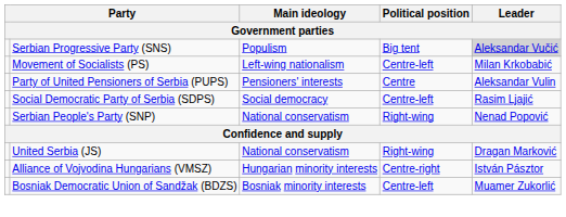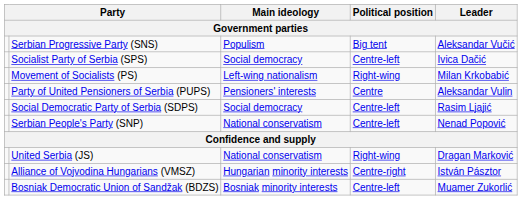 <table class="wikitable" style="font-size:95%">
 <tr>
 <th colspan="2">Party</th>
 <th>Main ideology</th>
 <th>Political position</th>
 <th>Leader</th>
 </tr>
 <tr>
 <th colspan="5">Government parties</th>
 </tr>
 <tr>
 <td style="background:"></td>
 <td><a href='#'>Serbian Progressive Party</a> (SNS)</td>
 <td><a href='#'>Populism</a></td>
 <td><a href='#'>Big tent</a></td>
-<td style="background: lightgrey;"><a href='#'>Aleksandar Vučić</a></td>
+<td><a href='#'>Aleksandar Vučić</a></td>
+</tr>
+<tr>
+<td style="background:"></td>
+<td><a href='#'>Socialist Party of Serbia</a> (SPS)</td>
+<td><a href='#'>Social democracy</a></td>
+<td><a href='#'>Centre-left</a></td>
+<td><a href='#'>Ivica Dačić</a></td>
 </tr>
 <tr>
 <td style="background:"></td>
 <td><a href='#'>Movement of Socialists</a> (PS)</td>
 <td><a href='#'>Left-wing nationalism</a></td>
-<td><a href='#'>Centre-left</a></td>
+<td><a href='#'>Right-wing</a></td>
 <td><a href='#'>Milan Krkobabić</a></td>
 </tr>
 <tr>
 <td style="background:"></td>
 <td><a href='#'>Party of United Pensioners of Serbia</a> (PUPS)</td>
 <td><a href='#'>Pensioners' interests</a></td>
 <td><a href='#'>Centre</a></td>
 <td><a href='#'>Aleksandar Vulin</a></td>
 </tr>
 <tr>
 <td style="background:"></td>
 <td><a href='#'>Social Democratic Party of Serbia</a> (SDPS)</td>
 <td><a href='#'>Social democracy</a></td>
 <td><a href='#'>Centre-left</a></td>
 <td><a href='#'>Rasim Ljajić</a></td>
 </tr>
 <tr>
 <td style="background:"></td>
 <td><a href='#'>Serbian People's Party</a> (SNP)</td>
 <td><a href='#'>National conservatism</a></td>
-<td><a href='#'>Right-wing</a></td>
+<td><a href='#'>Centre-left</a></td>
 <td><a href='#'>Nenad Popović</a></td>
 </tr>
 <tr>
 <th colspan="5">Confidence and supply</th>
 </tr>
 <tr>
 <td style="background:"></td>
 <td><a href='#'>United Serbia</a> (JS)</td>
 <td><a href='#'>National conservatism</a></td>
 <td><a href='#'>Right-wing</a></td>
 <td><a href='#'>Dragan Marković</a></td>
 </tr>
 <tr>
 <td style="background:"></td>
 <td><a href='#'>Alliance of Vojvodina Hungarians</a> (VMSZ)</td>
 <td><a href='#'>Hungarian</a> <a href='#'>minority interests</a></td>
 <td><a href='#'>Centre-right</a></td>
 <td><a href='#'>István Pásztor</a></td>
 </tr>
 <tr>
 <td style="background:"></td>
 <td><a href='#'>Bosniak Democratic Union of Sandžak</a> (BDZS)</td>
 <td><a href='#'>Bosniak</a> <a href='#'>minority interests</a></td>
 <td><a href='#'>Centre-left</a></td>
 <td><a href='#'>Muamer Zukorlić</a></td>
 </tr>
 </table>
